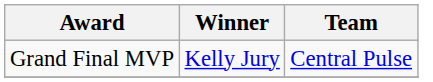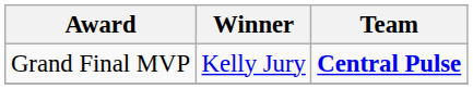 <table class="wikitable collapsible">
 <tr>
 <th>Award</th>
 <th>Winner</th>
 <th>Team</th>
 </tr>
 <tr>
 <td>Grand Final MVP</td>
 <td><a href='#'>Kelly Jury</a></td>
-<td><a href='#'>Central Pulse</a></td>
+<td><strong><a href='#'>Central Pulse</a></strong></td>
 </tr>
 <tr>
 </tr>
 </table>
